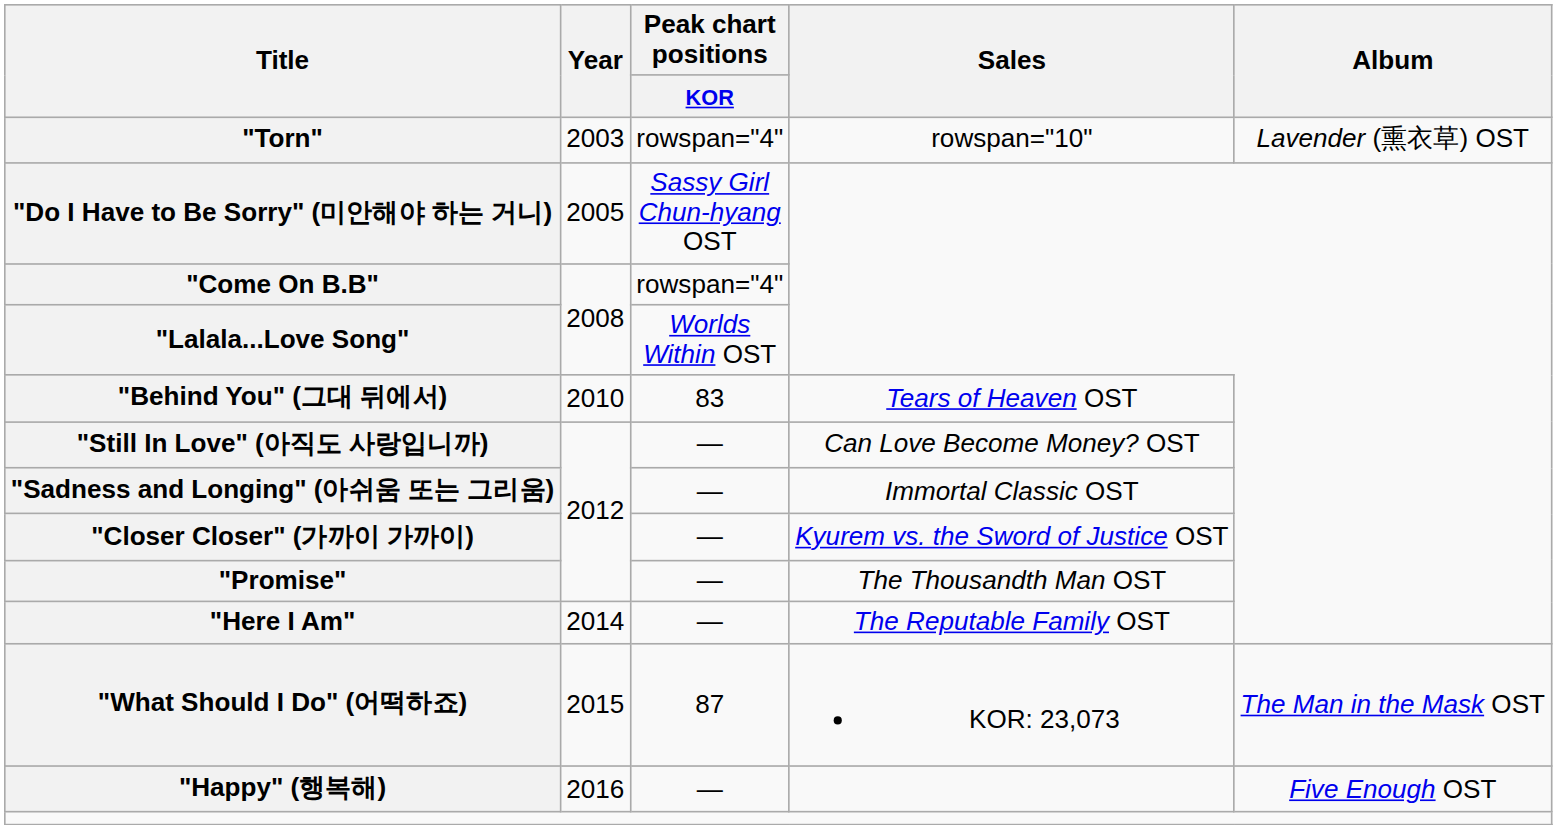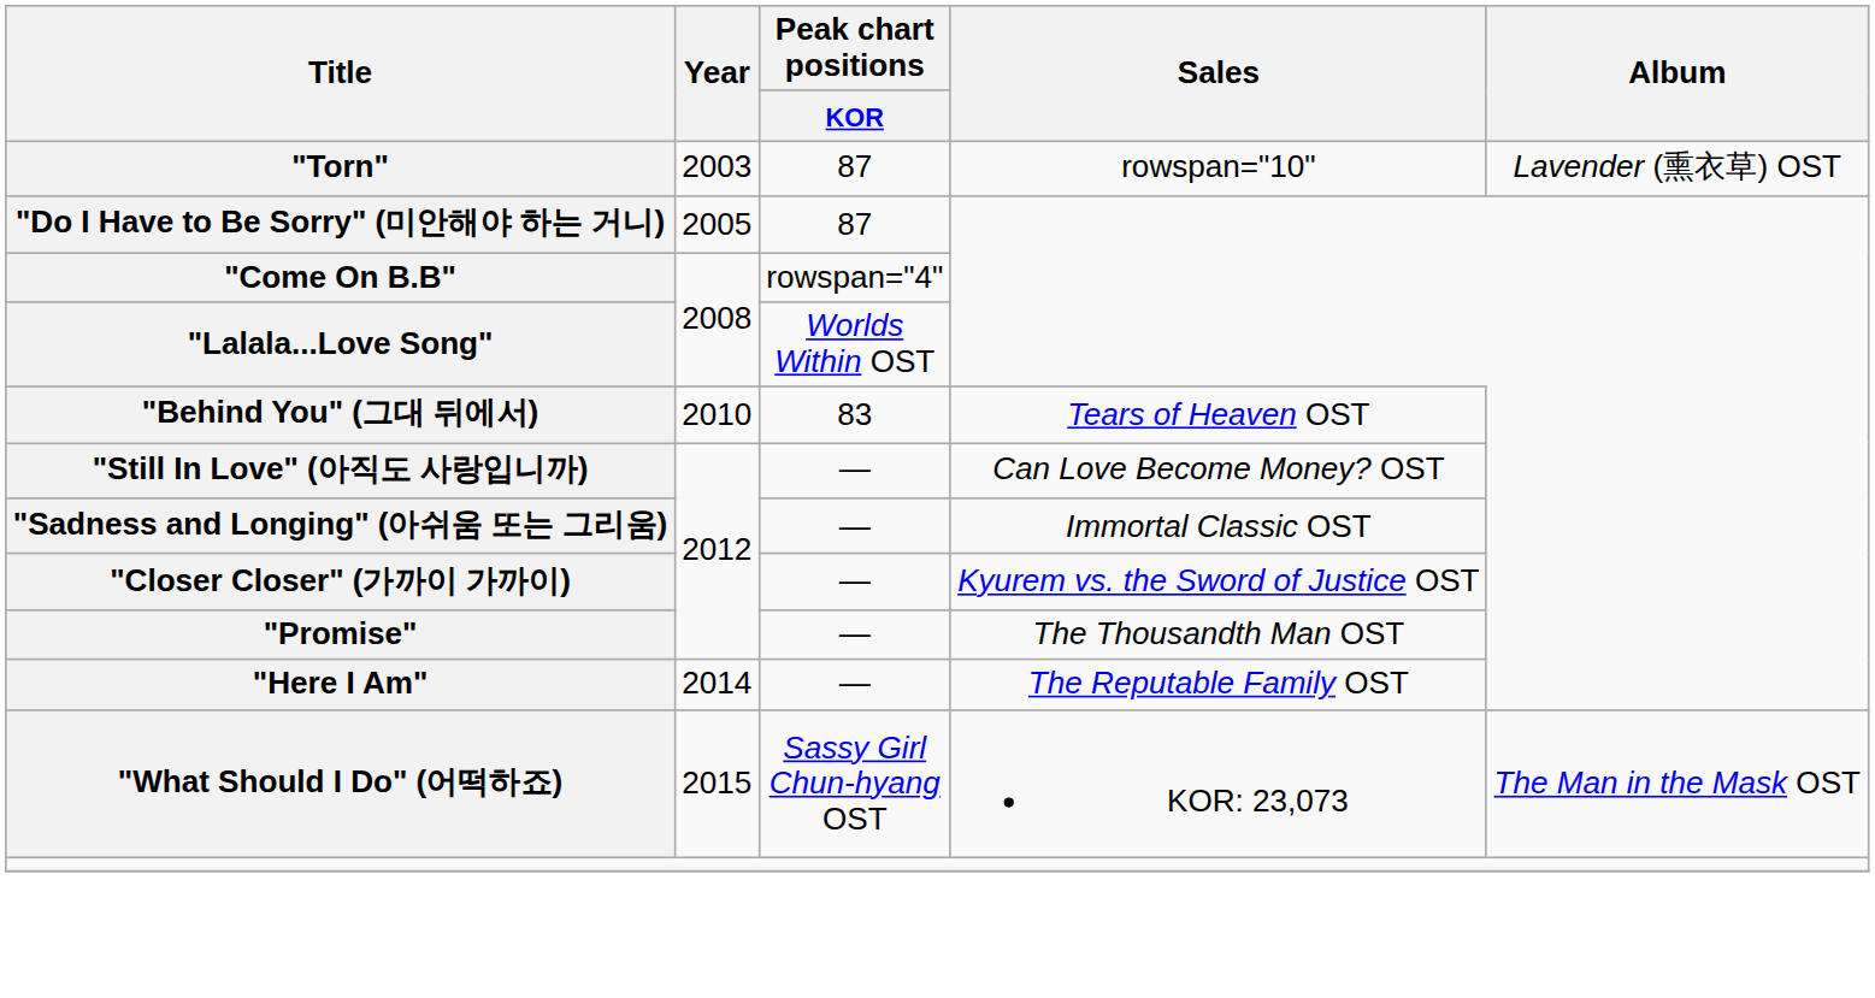 <table class="wikitable plainrowheaders" style="text-align:center;">
 <tr>
 <th scope="col" rowspan="2">Title</th>
 <th scope="col" rowspan="2">Year</th>
 <th scope="col" colspan="1" style="width:5em;">Peak chart positions</th>
 <th scope="col" rowspan="2">Sales</th>
 <th scope="col" rowspan="2">Album</th>
 </tr>
 <tr>
 <th><small><a href='#'>KOR</a></small><br></th>
 </tr>
 <tr>
 <th scope="row">"Torn"</th>
 <td>2003</td>
-<td>rowspan="4" </td>
+<td>87</td>
 <td>rowspan="10" </td>
 <td><em>Lavender</em> (熏衣草) OST</td>
 </tr>
 <tr>
 <th scope="row">"Do I Have to Be Sorry" (미안해야 하는 거니)</th>
 <td>2005</td>
-<td><em><a href='#'>Sassy Girl Chun-hyang</a></em> OST</td>
+<td>87</td>
 </tr>
 <tr>
 <th scope="row">"Come On B.B"</th>
 <td rowspan="2">2008</td>
 <td>rowspan="4" </td>
 </tr>
 <tr>
 <th scope="row">"Lalala...Love Song"</th>
 <td><em><a href='#'>Worlds Within</a></em> OST</td>
 </tr>
 <tr>
 <th scope="row">"Behind You" (그대 뒤에서)</th>
 <td>2010</td>
 <td>83</td>
 <td><em><a href='#'>Tears of Heaven</a></em> OST</td>
 </tr>
 <tr>
 <th scope="row">"Still In Love" (아직도 사랑입니까)</th>
 <td rowspan="4">2012</td>
 <td>—</td>
 <td><em>Can Love Become Money?</em> OST</td>
 </tr>
 <tr>
 <th scope="row">"Sadness and Longing" (아쉬움 또는 그리움)</th>
 <td>—</td>
 <td><em>Immortal Classic</em> OST</td>
 </tr>
 <tr>
 <th scope="row">"Closer Closer" (가까이 가까이)<br></th>
 <td>—</td>
 <td><em><a href='#'>Kyurem vs. the Sword of Justice</a></em> OST</td>
 </tr>
 <tr>
 <th scope="row">"Promise"</th>
 <td>—</td>
 <td><em>The Thousandth Man</em> OST</td>
 </tr>
 <tr>
 <th scope="row">"Here I Am"</th>
 <td>2014</td>
 <td>—</td>
 <td><em><a href='#'>The Reputable Family</a></em> OST</td>
 </tr>
 <tr>
 <th scope="row">"What Should I Do" (어떡하죠)<br></th>
 <td>2015</td>
-<td>87</td>
+<td><em><a href='#'>Sassy Girl Chun-hyang</a></em> OST</td>
 <td><br><ul><li>KOR: 23,073</li></ul></td>
 <td><em><a href='#'>The Man in the Mask</a></em> OST</td>
-</tr>
-<tr>
-<th scope="row">"Happy" (행복해)<br></th>
-<td>2016</td>
-<td>—</td>
-<td></td>
-<td><em><a href='#'>Five Enough</a></em> OST</td>
 </tr>
 <tr>
 <td colspan="5"></td>
 </tr>
 <tr>
 </tr>
 </table>
